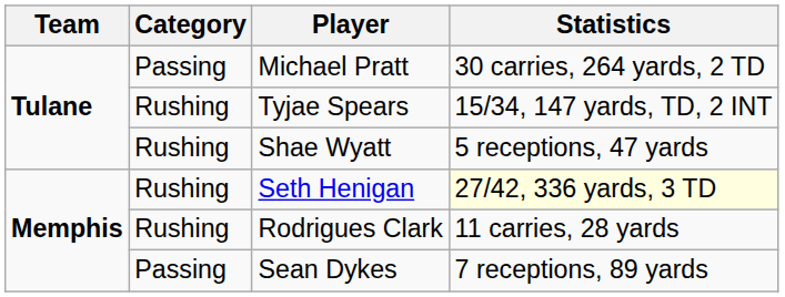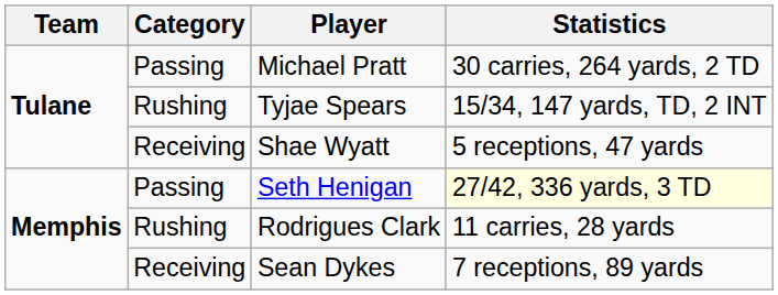 <table class="wikitable" style="float: left;">
 <tr>
 <th>Team</th>
 <th>Category</th>
 <th>Player</th>
 <th>Statistics</th>
 </tr>
 <tr>
 <td rowspan=3><strong>Tulane</strong></td>
 <td>Passing</td>
 <td>Michael Pratt</td>
 <td>30 carries, 264 yards, 2 TD</td>
 </tr>
 <tr>
 <td>Rushing</td>
 <td>Tyjae Spears</td>
 <td>15/34, 147 yards, TD, 2 INT</td>
 </tr>
 <tr>
-<td>Rushing</td>
+<td>Receiving</td>
 <td>Shae Wyatt</td>
 <td>5 receptions, 47 yards</td>
 </tr>
 <tr>
 <td rowspan=3><strong>Memphis</strong></td>
-<td>Rushing</td>
+<td>Passing</td>
 <td><a href='#'>Seth Henigan</a></td>
 <td style="background: lightyellow;">27/42, 336 yards, 3 TD</td>
 </tr>
 <tr>
 <td>Rushing</td>
 <td>Rodrigues Clark</td>
 <td>11 carries, 28 yards</td>
 </tr>
 <tr>
-<td>Passing</td>
+<td>Receiving</td>
 <td>Sean Dykes</td>
 <td>7 receptions, 89 yards</td>
 </tr>
 </table>
